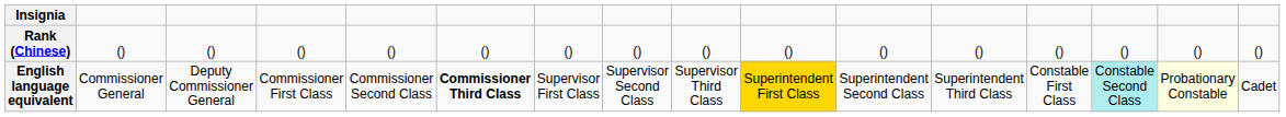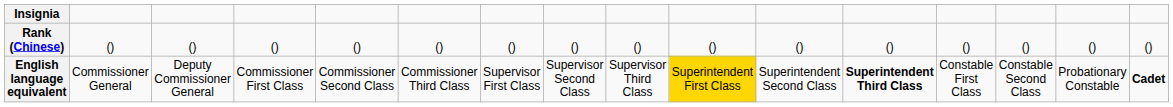 <table class="wikitable" width="100%">
 <tr style="text-align:center;">
 <th>Insignia</th>
 <td></td>
 <td></td>
 <td></td>
 <td></td>
 <td></td>
 <td></td>
 <td></td>
 <td></td>
 <td></td>
 <td></td>
 <td></td>
 <td></td>
 <td></td>
 <td></td>
 <td></td>
 </tr>
 <tr style="text-align:center;">
 <th>Rank (<a href='#'>Chinese</a>)</th>
 <td><br>()</td>
 <td><br>()</td>
 <td><br>()</td>
 <td><br>()</td>
 <td><br>()</td>
 <td><br>()</td>
 <td><br>()</td>
 <td><br>()</td>
 <td><br>()</td>
 <td><br>()</td>
 <td><br>()</td>
 <td><br>()</td>
 <td><br>()</td>
 <td><br>()</td>
 <td><br>()</td>
 </tr>
 <tr style="text-align:center;">
 <th>English language equivalent</th>
 <td>Commissioner General</td>
 <td>Deputy Commissioner General</td>
 <td>Commissioner First Class</td>
 <td>Commissioner Second Class</td>
-<td><strong>Commissioner Third Class</strong></td>
+<td>Commissioner Third Class</td>
 <td>Supervisor First Class</td>
 <td>Supervisor Second Class</td>
 <td>Supervisor Third Class</td>
 <td style="background: gold;">Superintendent First Class</td>
 <td>Superintendent Second Class</td>
-<td>Superintendent Third Class</td>
+<td><strong>Superintendent Third Class</strong></td>
 <td>Constable First Class</td>
-<td style="background: paleturquoise;">Constable Second Class</td>
-<td style="background: lightyellow;">Probationary Constable</td>
-<td>Cadet</td>
+<td>Constable Second Class</td>
+<td>Probationary Constable</td>
+<td><strong>Cadet</strong></td>
 </tr>
 </table>
